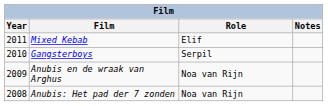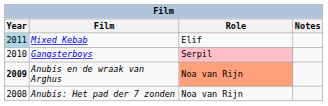 <table class="wikitable" style="font-size: 90%;">
 <tr>
 <th colspan="4" style="background: LightSteelBlue;">Film</th>
 </tr>
 <tr>
 <th align="center">Year</th>
 <th width="200">Film</th>
 <th width="150">Role</th>
 <th>Notes</th>
 </tr>
 <tr>
-<td>2011</td>
+<td style="background: lightblue;">2011</td>
 <td><em><a href='#'>Mixed Kebab</a></em></td>
 <td>Elif</td>
 <td></td>
 </tr>
 <tr>
 <td>2010</td>
 <td><em><a href='#'>Gangsterboys</a></em></td>
-<td>Serpil</td>
+<td style="background: pink;">Serpil</td>
 <td></td>
 </tr>
 <tr>
-<td>2009</td>
+<td><strong>2009</strong></td>
 <td><em>Anubis en de wraak van Arghus</em></td>
-<td>Noa van Rijn</td>
+<td style="background: lightsalmon;">Noa van Rijn</td>
 <td></td>
 </tr>
 <tr>
 <td>2008</td>
 <td><em>Anubis: Het pad der 7 zonden </em></td>
 <td>Noa van Rijn</td>
 <td></td>
 </tr>
 </table>
